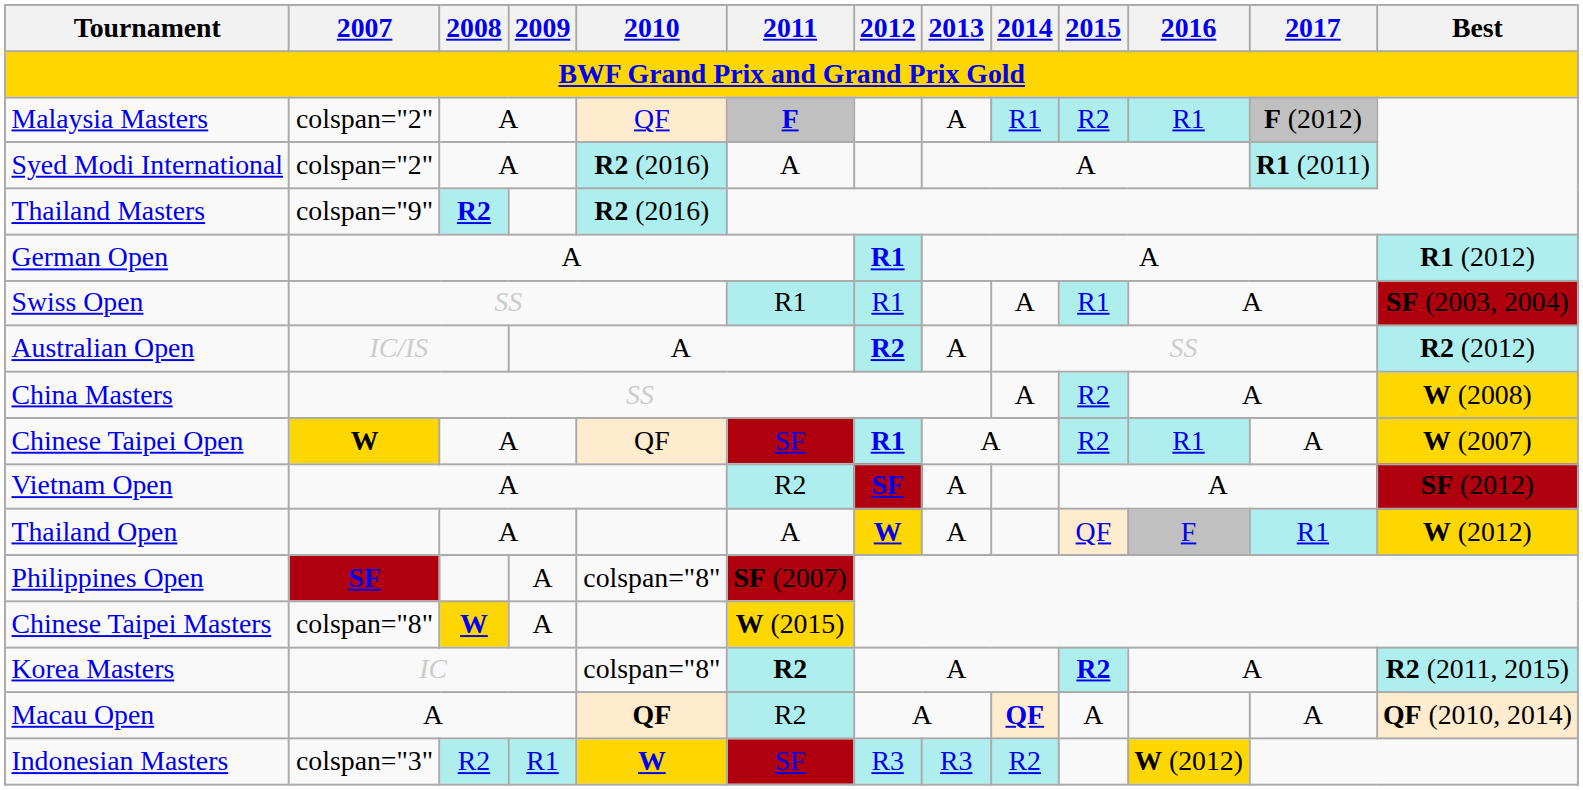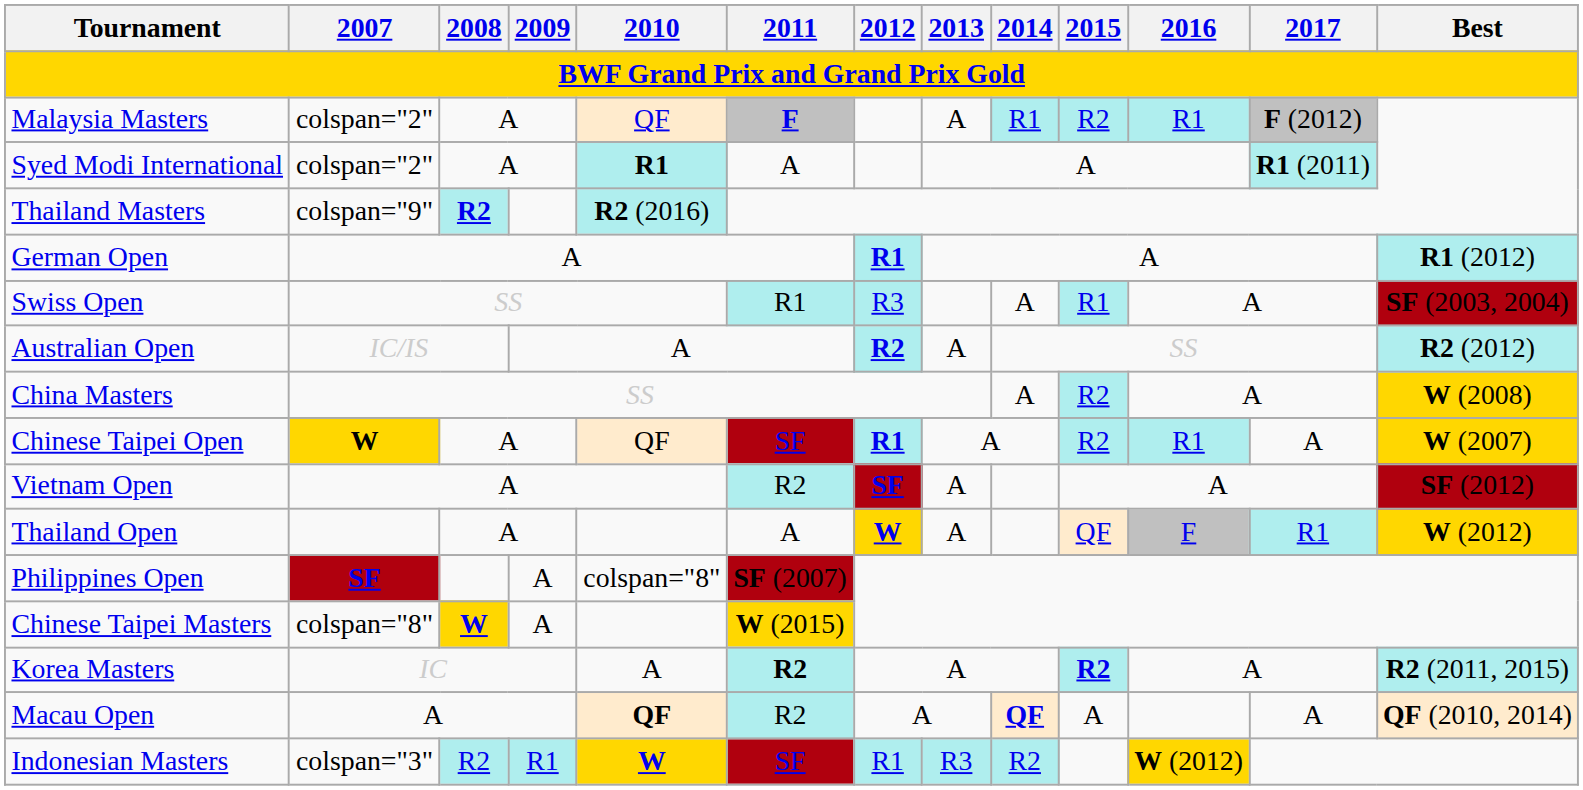 <table class="wikitable" style="font-size: 90%; text-align:center">
 <tr>
 <th>Tournament</th>
 <th><a href='#'>2007</a></th>
 <th><a href='#'>2008</a></th>
 <th><a href='#'>2009</a></th>
 <th><a href='#'>2010</a></th>
 <th><a href='#'>2011</a></th>
 <th><a href='#'>2012</a></th>
 <th><a href='#'>2013</a></th>
 <th><a href='#'>2014</a></th>
 <th><a href='#'>2015</a></th>
 <th><a href='#'>2016</a></th>
 <th><a href='#'>2017</a></th>
 <th>Best</th>
 </tr>
 <tr bgcolor=FFD700>
 <td colspan="13" align=center><strong><a href='#'>BWF Grand Prix and Grand Prix Gold</a></strong></td>
 </tr>
 <tr>
 <td align=left><a href='#'>Malaysia Masters</a></td>
 <td>colspan="2" </td>
 <td colspan="2">A</td>
 <td bgcolor=FFEBCD><a href='#'>QF</a></td>
 <td bgcolor=Silver><a href='#'><strong>F</strong></a></td>
 <td></td>
 <td>A</td>
 <td bgcolor=AFEEEE><a href='#'>R1</a></td>
 <td bgcolor=AFEEEE><a href='#'>R2</a></td>
 <td bgcolor=AFEEEE><a href='#'>R1</a></td>
 <td bgcolor=Silver><strong>F</strong> (2012)</td>
 </tr>
 <tr>
 <td align=left><a href='#'>Syed Modi International</a></td>
 <td>colspan="2" </td>
 <td colspan="2">A</td>
-<td bgcolor=AFEEEE><strong>R2</strong> (2016)</td>
+<td bgcolor=AFEEEE><strong>R1</strong></td>
 <td>A</td>
 <td></td>
 <td colspan="4">A</td>
 <td bgcolor=AFEEEE><strong>R1</strong> (2011)</td>
 </tr>
 <tr>
 <td align=left><a href='#'>Thailand Masters</a></td>
 <td>colspan="9" </td>
 <td bgcolor=AFEEEE><a href='#'><strong>R2</strong></a></td>
 <td></td>
 <td bgcolor=AFEEEE><strong>R2</strong> (2016)</td>
 </tr>
 <tr>
 <td align=left><a href='#'>German Open</a></td>
 <td colspan="5">A</td>
 <td bgcolor=AFEEEE><a href='#'><strong>R1</strong></a></td>
 <td colspan="5">A</td>
 <td bgcolor=AFEEEE><strong>R1</strong> (2012)</td>
 </tr>
 <tr>
 <td align=left><a href='#'>Swiss Open</a></td>
 <td colspan="4" style=color:#ccc><em>SS</em></td>
 <td bgcolor=AFEEEE>R1</td>
-<td bgcolor=AFEEEE><a href='#'>R1</a></td>
+<td bgcolor=AFEEEE><a href='#'>R3</a></td>
 <td></td>
 <td>A</td>
 <td bgcolor=AFEEEE><a href='#'>R1</a></td>
 <td colspan="2">A</td>
 <td bgcolor=Bronze><strong>SF</strong> (2003, 2004)</td>
 </tr>
 <tr>
 <td align=left><a href='#'>Australian Open</a></td>
 <td colspan="2" style=color:#ccc><em>IC/IS</em></td>
 <td colspan="3">A</td>
 <td bgcolor=AFEEEE><a href='#'><strong>R2</strong></a></td>
 <td>A</td>
 <td colspan="4" style=color:#ccc><em>SS</em></td>
 <td bgcolor=AFEEEE><strong>R2</strong> (2012)</td>
 </tr>
 <tr>
 <td align=left><a href='#'>China Masters</a></td>
 <td colspan="7" style=color:#ccc><em>SS</em></td>
 <td>A</td>
 <td bgcolor=AFEEEE><a href='#'>R2</a></td>
 <td colspan="2">A</td>
 <td bgcolor=Gold><strong>W</strong> (2008)</td>
 </tr>
 <tr>
 <td align=left><a href='#'>Chinese Taipei Open</a></td>
 <td bgcolor=Gold><strong>W</strong></td>
 <td colspan="2">A</td>
 <td bgcolor=FFEBCD>QF</td>
 <td bgcolor=Bronze><a href='#'>SF</a></td>
 <td bgcolor=AFEEEE><strong><a href='#'>R1</a></strong></td>
 <td colspan="2">A</td>
 <td bgcolor=AFEEEE><a href='#'>R2</a></td>
 <td bgcolor=AFEEEE><a href='#'>R1</a></td>
 <td>A</td>
 <td bgcolor=Gold><strong>W</strong> (2007)</td>
 </tr>
 <tr>
 <td align=left><a href='#'>Vietnam Open</a></td>
 <td colspan="4">A</td>
 <td bgcolor=AFEEEE>R2</td>
 <td bgcolor=bronze><a href='#'><strong>SF</strong></a></td>
 <td>A</td>
 <td></td>
 <td colspan="3">A</td>
 <td bgcolor=bronze><strong>SF</strong> (2012)</td>
 </tr>
 <tr>
 <td align=left><a href='#'>Thailand Open</a></td>
 <td></td>
 <td colspan="2">A</td>
 <td></td>
 <td>A</td>
 <td bgcolor=Gold><a href='#'><strong>W</strong></a></td>
 <td>A</td>
 <td></td>
 <td bgcolor=FFEBCD><a href='#'>QF</a></td>
 <td bgcolor=Silver><a href='#'>F</a></td>
 <td bgcolor=AFEEEE><a href='#'>R1</a></td>
 <td bgcolor=Gold><strong>W</strong> (2012)</td>
 </tr>
 <tr>
 <td align=left><a href='#'>Philippines Open</a></td>
 <td bgcolor=Bronze><strong><a href='#'>SF</a></strong></td>
 <td></td>
 <td>A</td>
 <td>colspan="8" </td>
 <td bgcolor=Bronze><strong>SF</strong> (2007)</td>
 </tr>
 <tr>
 <td align=left><a href='#'>Chinese Taipei Masters</a></td>
 <td>colspan="8" </td>
 <td bgcolor=Gold><a href='#'><strong>W</strong></a></td>
 <td>A</td>
 <td></td>
 <td bgcolor=Gold><strong>W</strong> (2015)</td>
 </tr>
 <tr>
 <td align=left><a href='#'>Korea Masters</a></td>
 <td colspan="3" style=color:#ccc><em>IC</em></td>
-<td>colspan="8" </td>
+<td>A</td>
 <td bgcolor=AFEEEE><strong>R2</strong></td>
 <td colspan="3">A</td>
 <td bgcolor=AFEEEE><a href='#'><strong>R2</strong></a></td>
 <td colspan="2">A</td>
 <td bgcolor=AFEEEE><strong>R2</strong> (2011, 2015)</td>
 </tr>
 <tr>
 <td align=left><a href='#'>Macau Open</a></td>
 <td colspan="3">A</td>
 <td bgcolor=FFEBCD><strong>QF</strong></td>
 <td bgcolor=AFEEEE>R2</td>
 <td colspan="2">A</td>
 <td bgcolor=FFEBCD><a href='#'><strong>QF</strong></a></td>
 <td>A</td>
 <td></td>
 <td>A</td>
 <td bgcolor=FFEBCD><strong>QF</strong> (2010, 2014)</td>
 </tr>
 <tr>
 <td align=left><a href='#'>Indonesian Masters</a></td>
 <td>colspan="3" </td>
 <td bgcolor=AFEEEE><a href='#'>R2</a></td>
 <td bgcolor=AFEEEE><a href='#'>R1</a></td>
 <td bgcolor=Gold><a href='#'><strong>W</strong></a></td>
 <td bgcolor=bronze><a href='#'>SF</a></td>
-<td bgcolor=AFEEEE><a href='#'>R3</a></td>
+<td bgcolor=AFEEEE><a href='#'>R1</a></td>
 <td bgcolor=AFEEEE><a href='#'>R3</a></td>
 <td bgcolor=AFEEEE><a href='#'>R2</a></td>
 <td></td>
 <td bgcolor=Gold><strong>W</strong> (2012)</td>
 </tr>
 </table>
